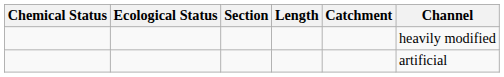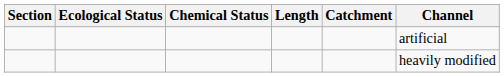 <table class="wikitable">
 <tr>
+<th>Section</th>
+<th>Ecological Status</th>
 <th>Chemical Status</th>
-<th>Ecological Status</th>
-<th>Section</th>
 <th>Length</th>
 <th>Catchment</th>
 <th>Channel</th>
 </tr>
 <tr>
 <td></td>
 <td></td>
 <td></td>
 <td></td>
 <td></td>
-<td>heavily modified</td>
+<td>artificial</td>
 </tr>
 <tr>
 <td></td>
 <td></td>
 <td></td>
 <td></td>
 <td></td>
-<td>artificial</td>
+<td>heavily modified</td>
 </tr>
 </table>
